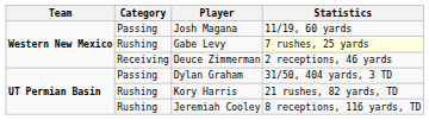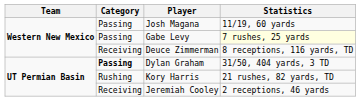 <table class="wikitable" style="float: right;">
 <tr>
 <th>Team</th>
 <th>Category</th>
 <th>Player</th>
 <th>Statistics</th>
 </tr>
 <tr>
 <td rowspan=3><strong>Western New Mexico</strong></td>
 <td>Passing</td>
 <td>Josh Magana</td>
 <td>11/19, 60 yards</td>
 </tr>
 <tr>
-<td>Rushing</td>
+<td>Passing</td>
 <td>Gabe Levy</td>
 <td style="background: lightyellow;">7 rushes, 25 yards</td>
 </tr>
 <tr>
 <td>Receiving</td>
 <td>Deuce Zimmerman</td>
-<td>2 receptions, 46 yards</td>
+<td>8 receptions, 116 yards, TD</td>
 </tr>
 <tr>
 <td rowspan=3><strong>UT Permian Basin</strong></td>
-<td>Passing</td>
+<td><strong>Passing</strong></td>
 <td>Dylan Graham</td>
 <td>31/50, 404 yards, 3 TD</td>
 </tr>
 <tr>
 <td>Rushing</td>
 <td>Kory Harris</td>
 <td>21 rushes, 82 yards, TD</td>
 </tr>
 <tr>
-<td>Rushing</td>
+<td>Receiving</td>
 <td>Jeremiah Cooley</td>
-<td>8 receptions, 116 yards, TD</td>
+<td>2 receptions, 46 yards</td>
 </tr>
 </table>
